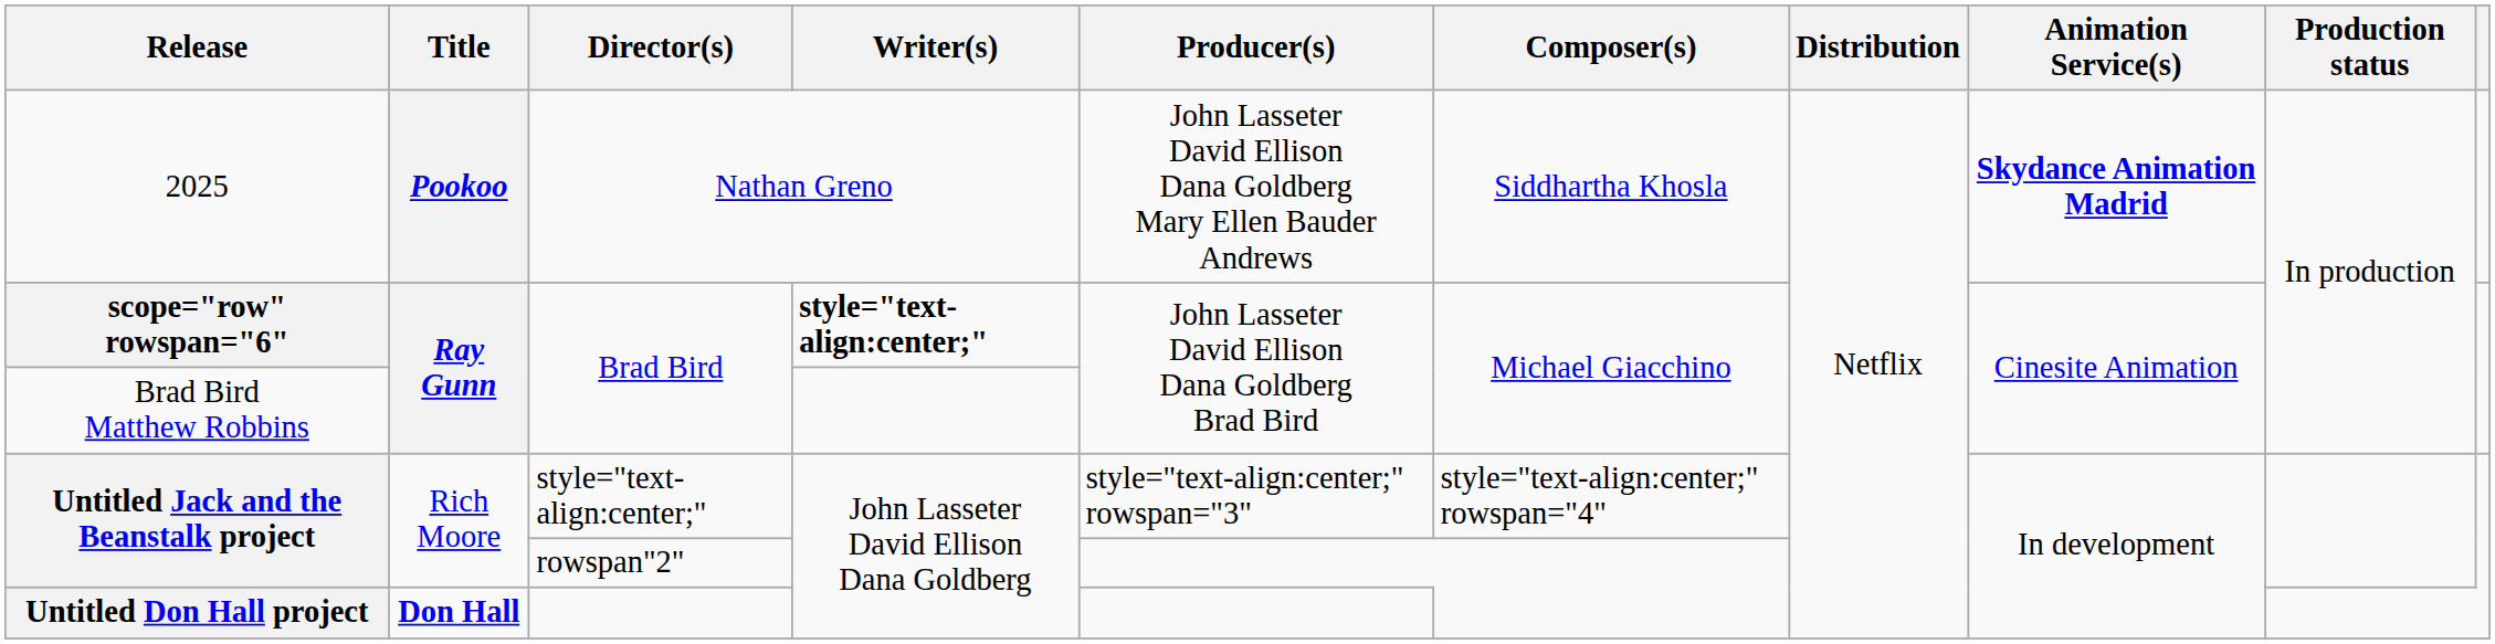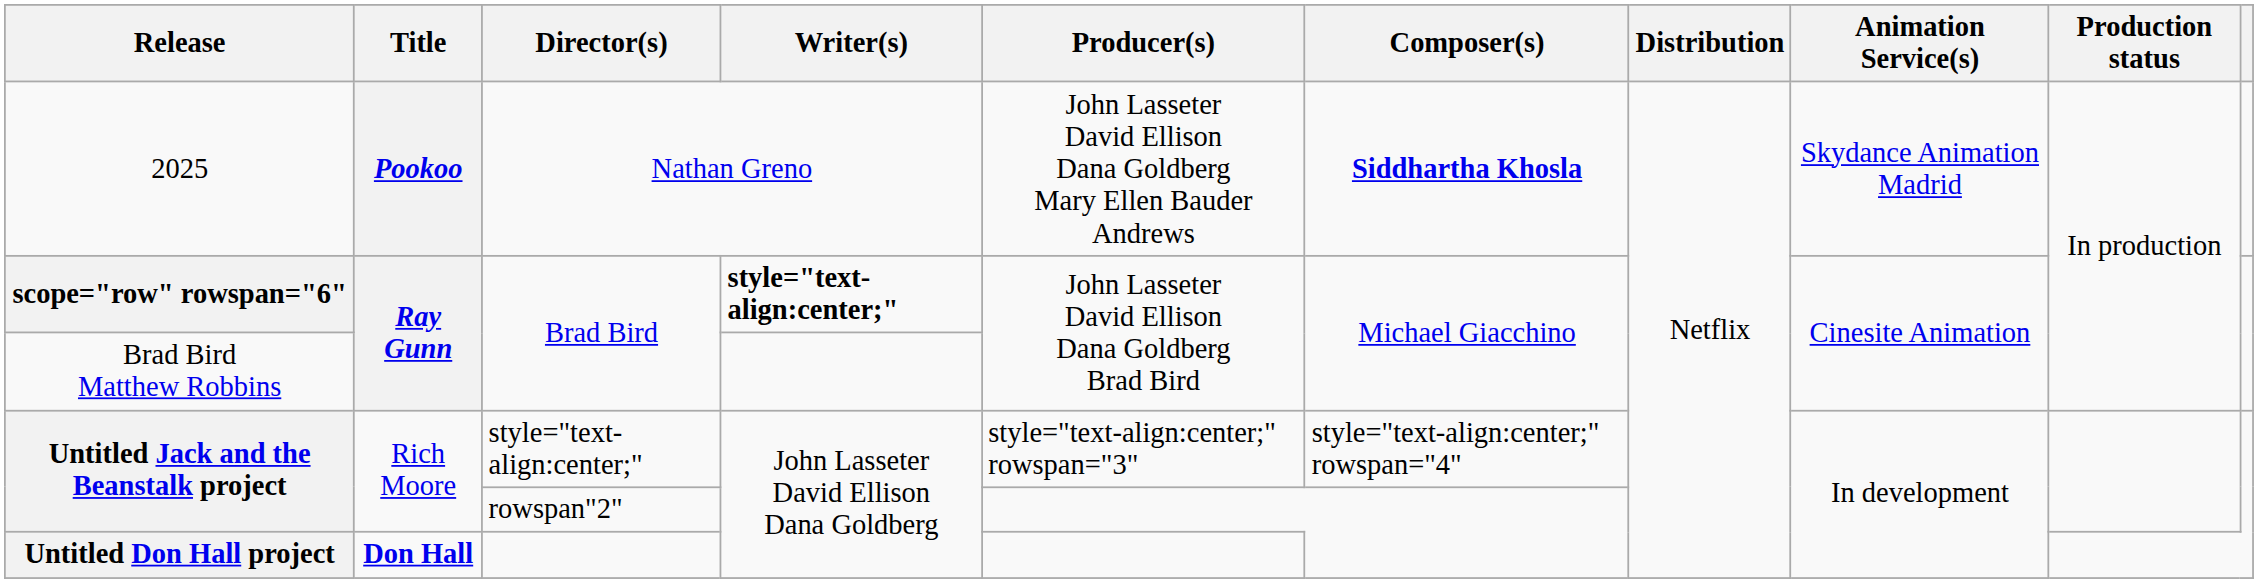 <table class="wikitable plainrowheaders" style="width:100%;">
 <tr>
 <th scope="col">Release</th>
 <th scope="col">Title</th>
 <th scope="col">Director(s)</th>
 <th scope="col">Writer(s)</th>
 <th scope="col">Producer(s)</th>
 <th scope="col">Composer(s)</th>
 <th scope="col">Distribution</th>
 <th scope="col">Animation<br>Service(s)</th>
 <th scope="col">Production status</th>
 <th scope="col"></th>
 </tr>
 <tr>
 <td scope="row" style="text-align:center;">2025</td>
 <th scope="row"><em><a href='#'>Pookoo</a></em></th>
 <td colspan="2" style="text-align:center;"><a href='#'>Nathan Greno</a></td>
 <td style="text-align:center;">John Lasseter<br>David Ellison<br>Dana Goldberg<br>Mary Ellen Bauder Andrews</td>
-<td style="text-align:center;"><a href='#'>Siddhartha Khosla</a></td>
+<td style="text-align:center;"><strong><a href='#'>Siddhartha Khosla</a></strong></td>
 <td style="text-align:center;" rowspan="7">Netflix</td>
-<td style="text-align:center;"><strong><a href='#'>Skydance Animation Madrid</a></strong></td>
+<td style="text-align:center;"><a href='#'>Skydance Animation Madrid</a></td>
 <td style="text-align:center;" rowspan="3">In production</td>
 <td></td>
 </tr>
 <tr>
 <th>scope="row" rowspan="6" </th>
 <th scope="row" rowspan="2"><em><a href='#'>Ray Gunn</a></em></th>
 <td style="text-align:center;" rowspan="2"><a href='#'>Brad Bird</a></td>
 <td><strong>style="text-align:center;" </strong></td>
 <td style="text-align:center;" rowspan="2">John Lasseter<br>David Ellison<br>Dana Goldberg<br>Brad Bird</td>
 <td style="text-align:center;" rowspan="2"><a href='#'>Michael Giacchino</a></td>
 <td style="text-align:center;" rowspan="2"><a href='#'>Cinesite Animation</a></td>
 <td rowspan="2" style="text-align:center;"></td>
 </tr>
 <tr>
 <td style="text-align:center;">Brad Bird<br><a href='#'>Matthew Robbins</a></td>
 </tr>
 <tr>
 <th scope="row" rowspan="2">Untitled <a href='#'>Jack and the Beanstalk</a> project</th>
 <td style="text-align:center;" rowspan="2"><a href='#'>Rich Moore</a></td>
 <td>style="text-align:center;" </td>
 <td style="text-align:center;" rowspan="4">John Lasseter<br>David Ellison<br>Dana Goldberg</td>
 <td>style="text-align:center;" rowspan="3" </td>
 <td>style="text-align:center;" rowspan="4" </td>
 <td style="text-align:center;" rowspan="5">In development</td>
 <td rowspan="2"></td>
 </tr>
 <tr>
 <td>rowspan"2" </td>
 </tr>
 <tr>
 <th scope="row">Untitled <a href='#'>Don Hall</a> project</th>
 <td style="text-align:center;"><strong><a href='#'>Don Hall</a></strong></td>
 <td></td>
 <td style="text-align:center;"></td>
 </tr>
 </table>
